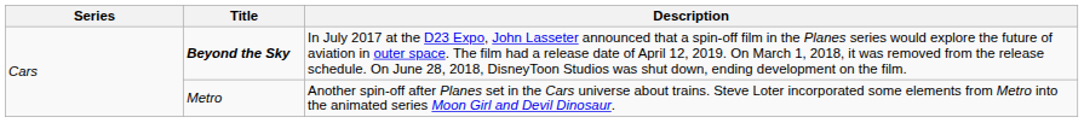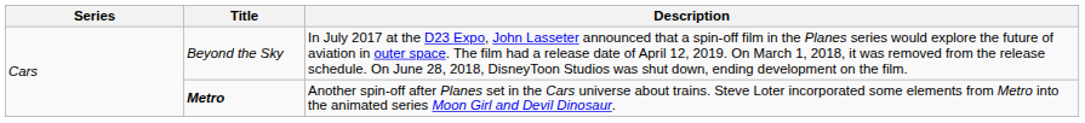 <table class="wikitable">
 <tr>
 <th style="width:150pt;">Series</th>
 <th style="width:100pt;">Title</th>
 <th>Description</th>
 </tr>
 <tr>
 <td rowspan="2"><em>Cars</em></td>
-<td><strong><em>Beyond the Sky</em></strong></td>
+<td><em>Beyond the Sky</em></td>
 <td>In July 2017 at the <a href='#'>D23 Expo</a>, <a href='#'>John Lasseter</a> announced that a spin-off film in the <em>Planes</em> series would explore the future of aviation in <a href='#'>outer space</a>. The film had a release date of April 12, 2019. On March 1, 2018, it was removed from the release schedule. On June 28, 2018, DisneyToon Studios was shut down, ending development on the film.</td>
 </tr>
 <tr>
-<td><em>Metro</em></td>
+<td><strong><em>Metro</em></strong></td>
 <td>Another spin-off after <em>Planes</em> set in the <em>Cars</em> universe about trains. Steve Loter incorporated some elements from <em>Metro</em> into the animated series <em><a href='#'>Moon Girl and Devil Dinosaur</a></em>.</td>
 </tr>
 </table>
